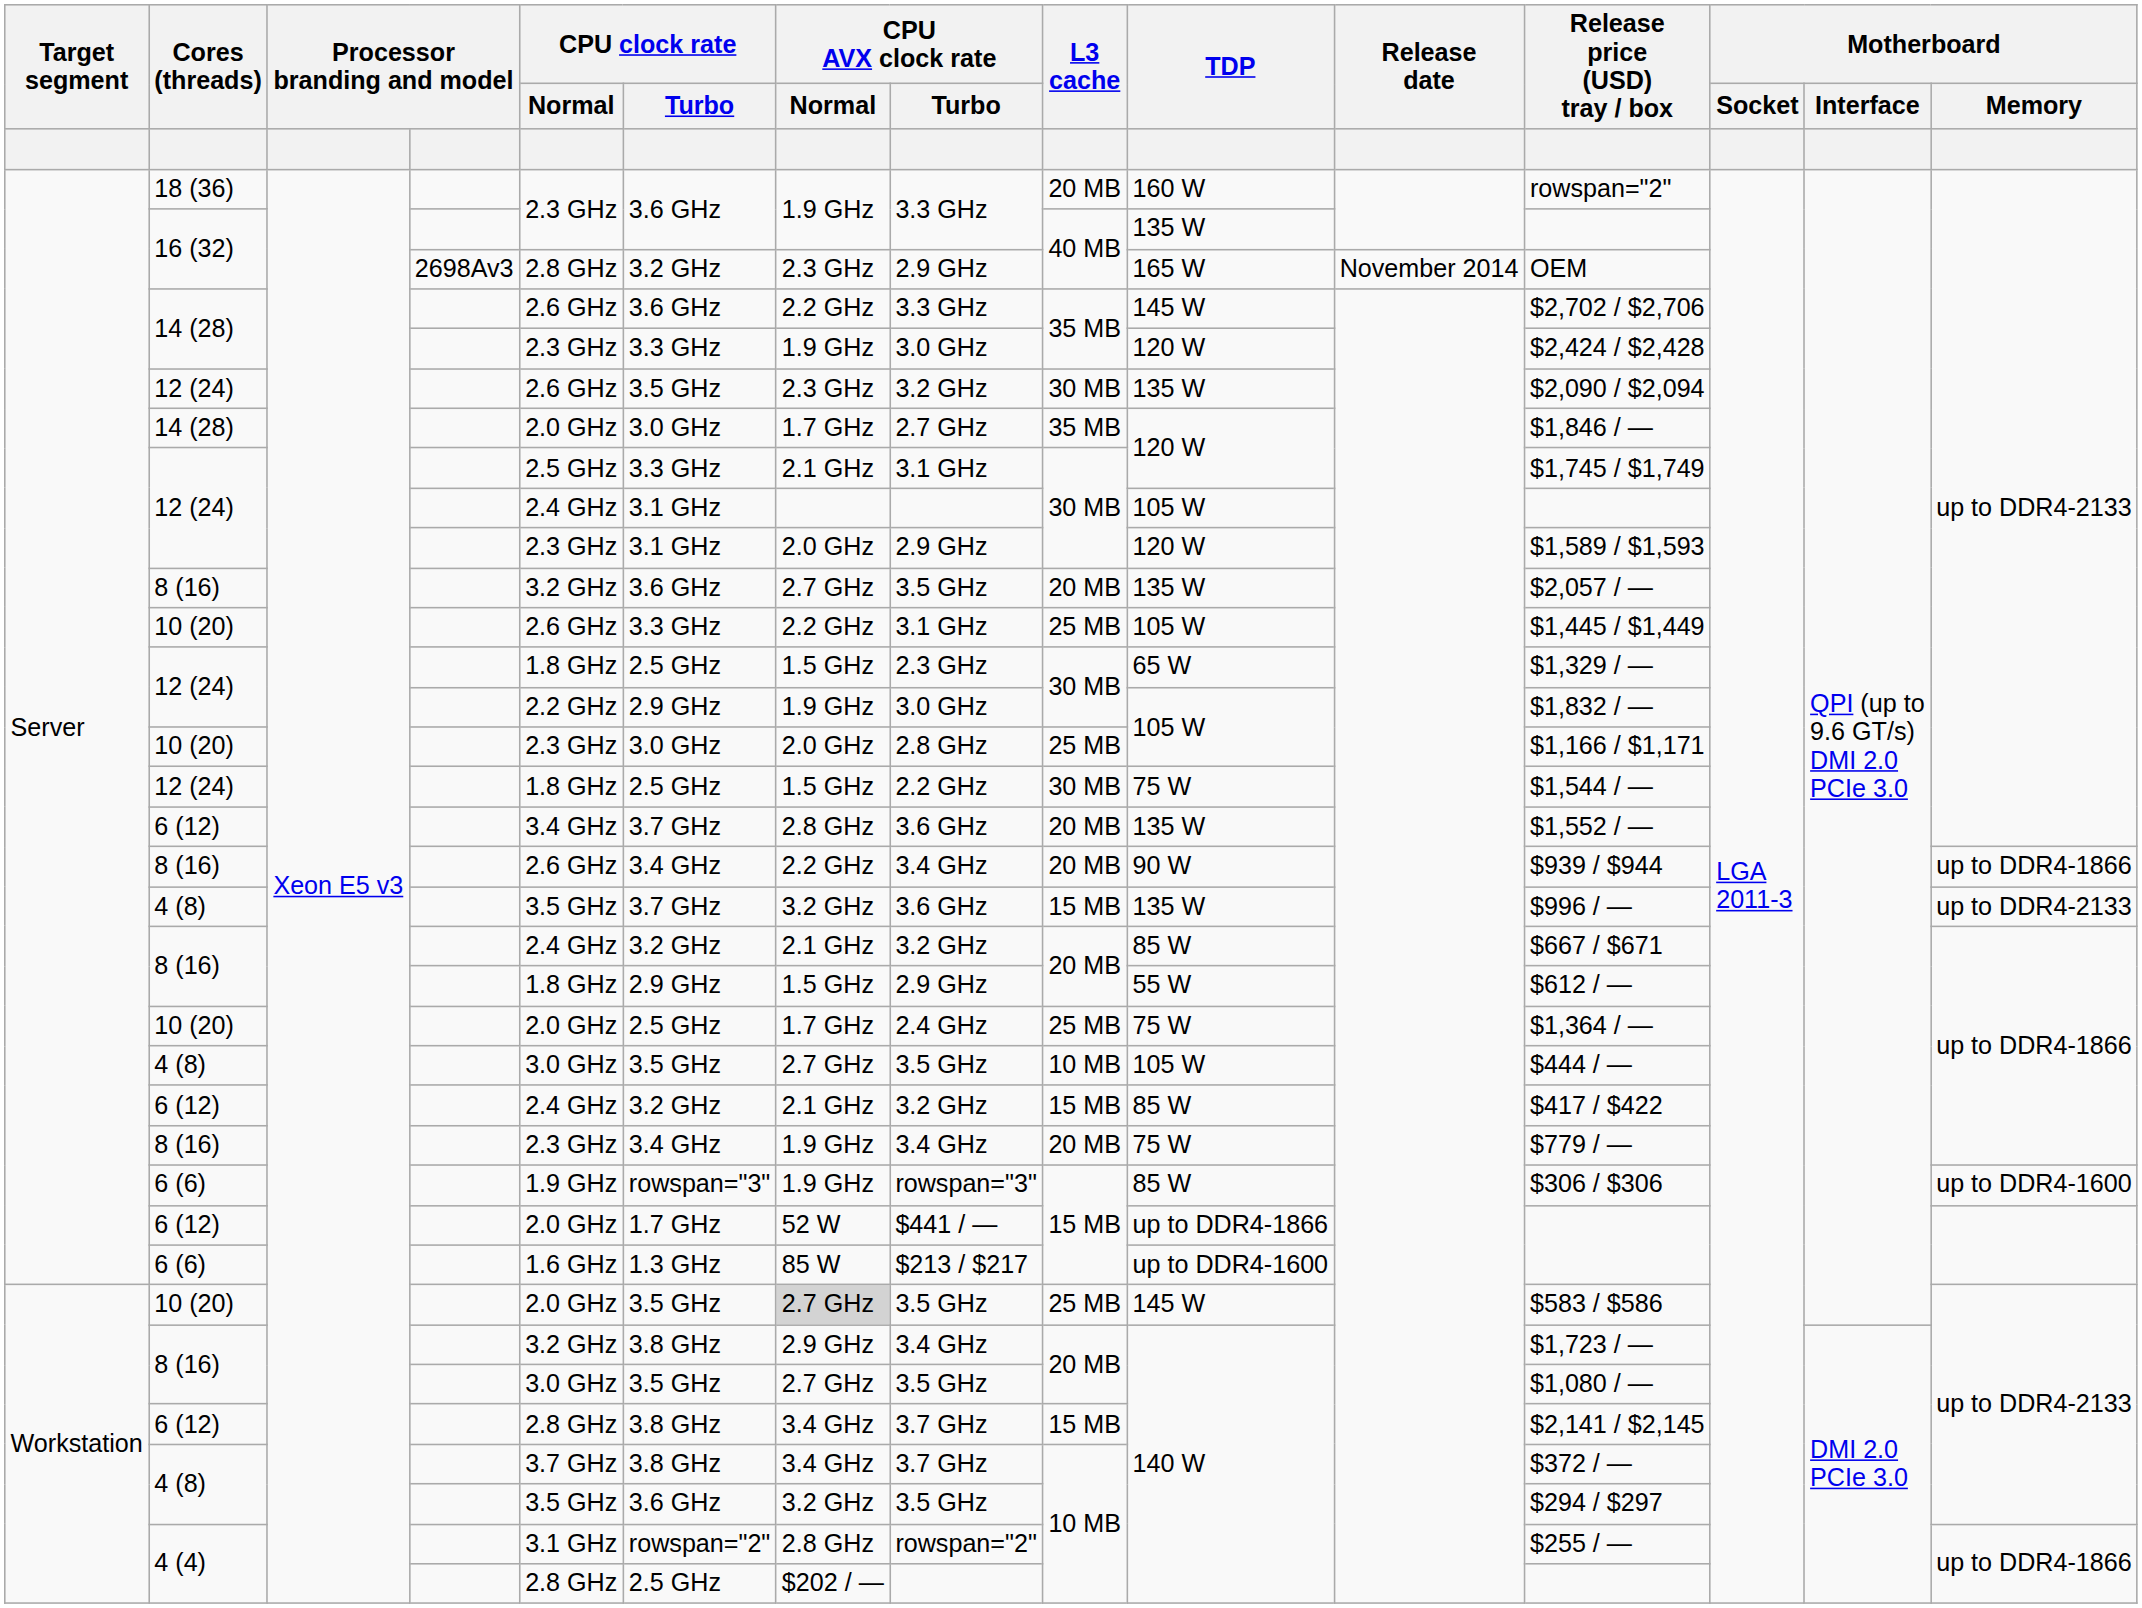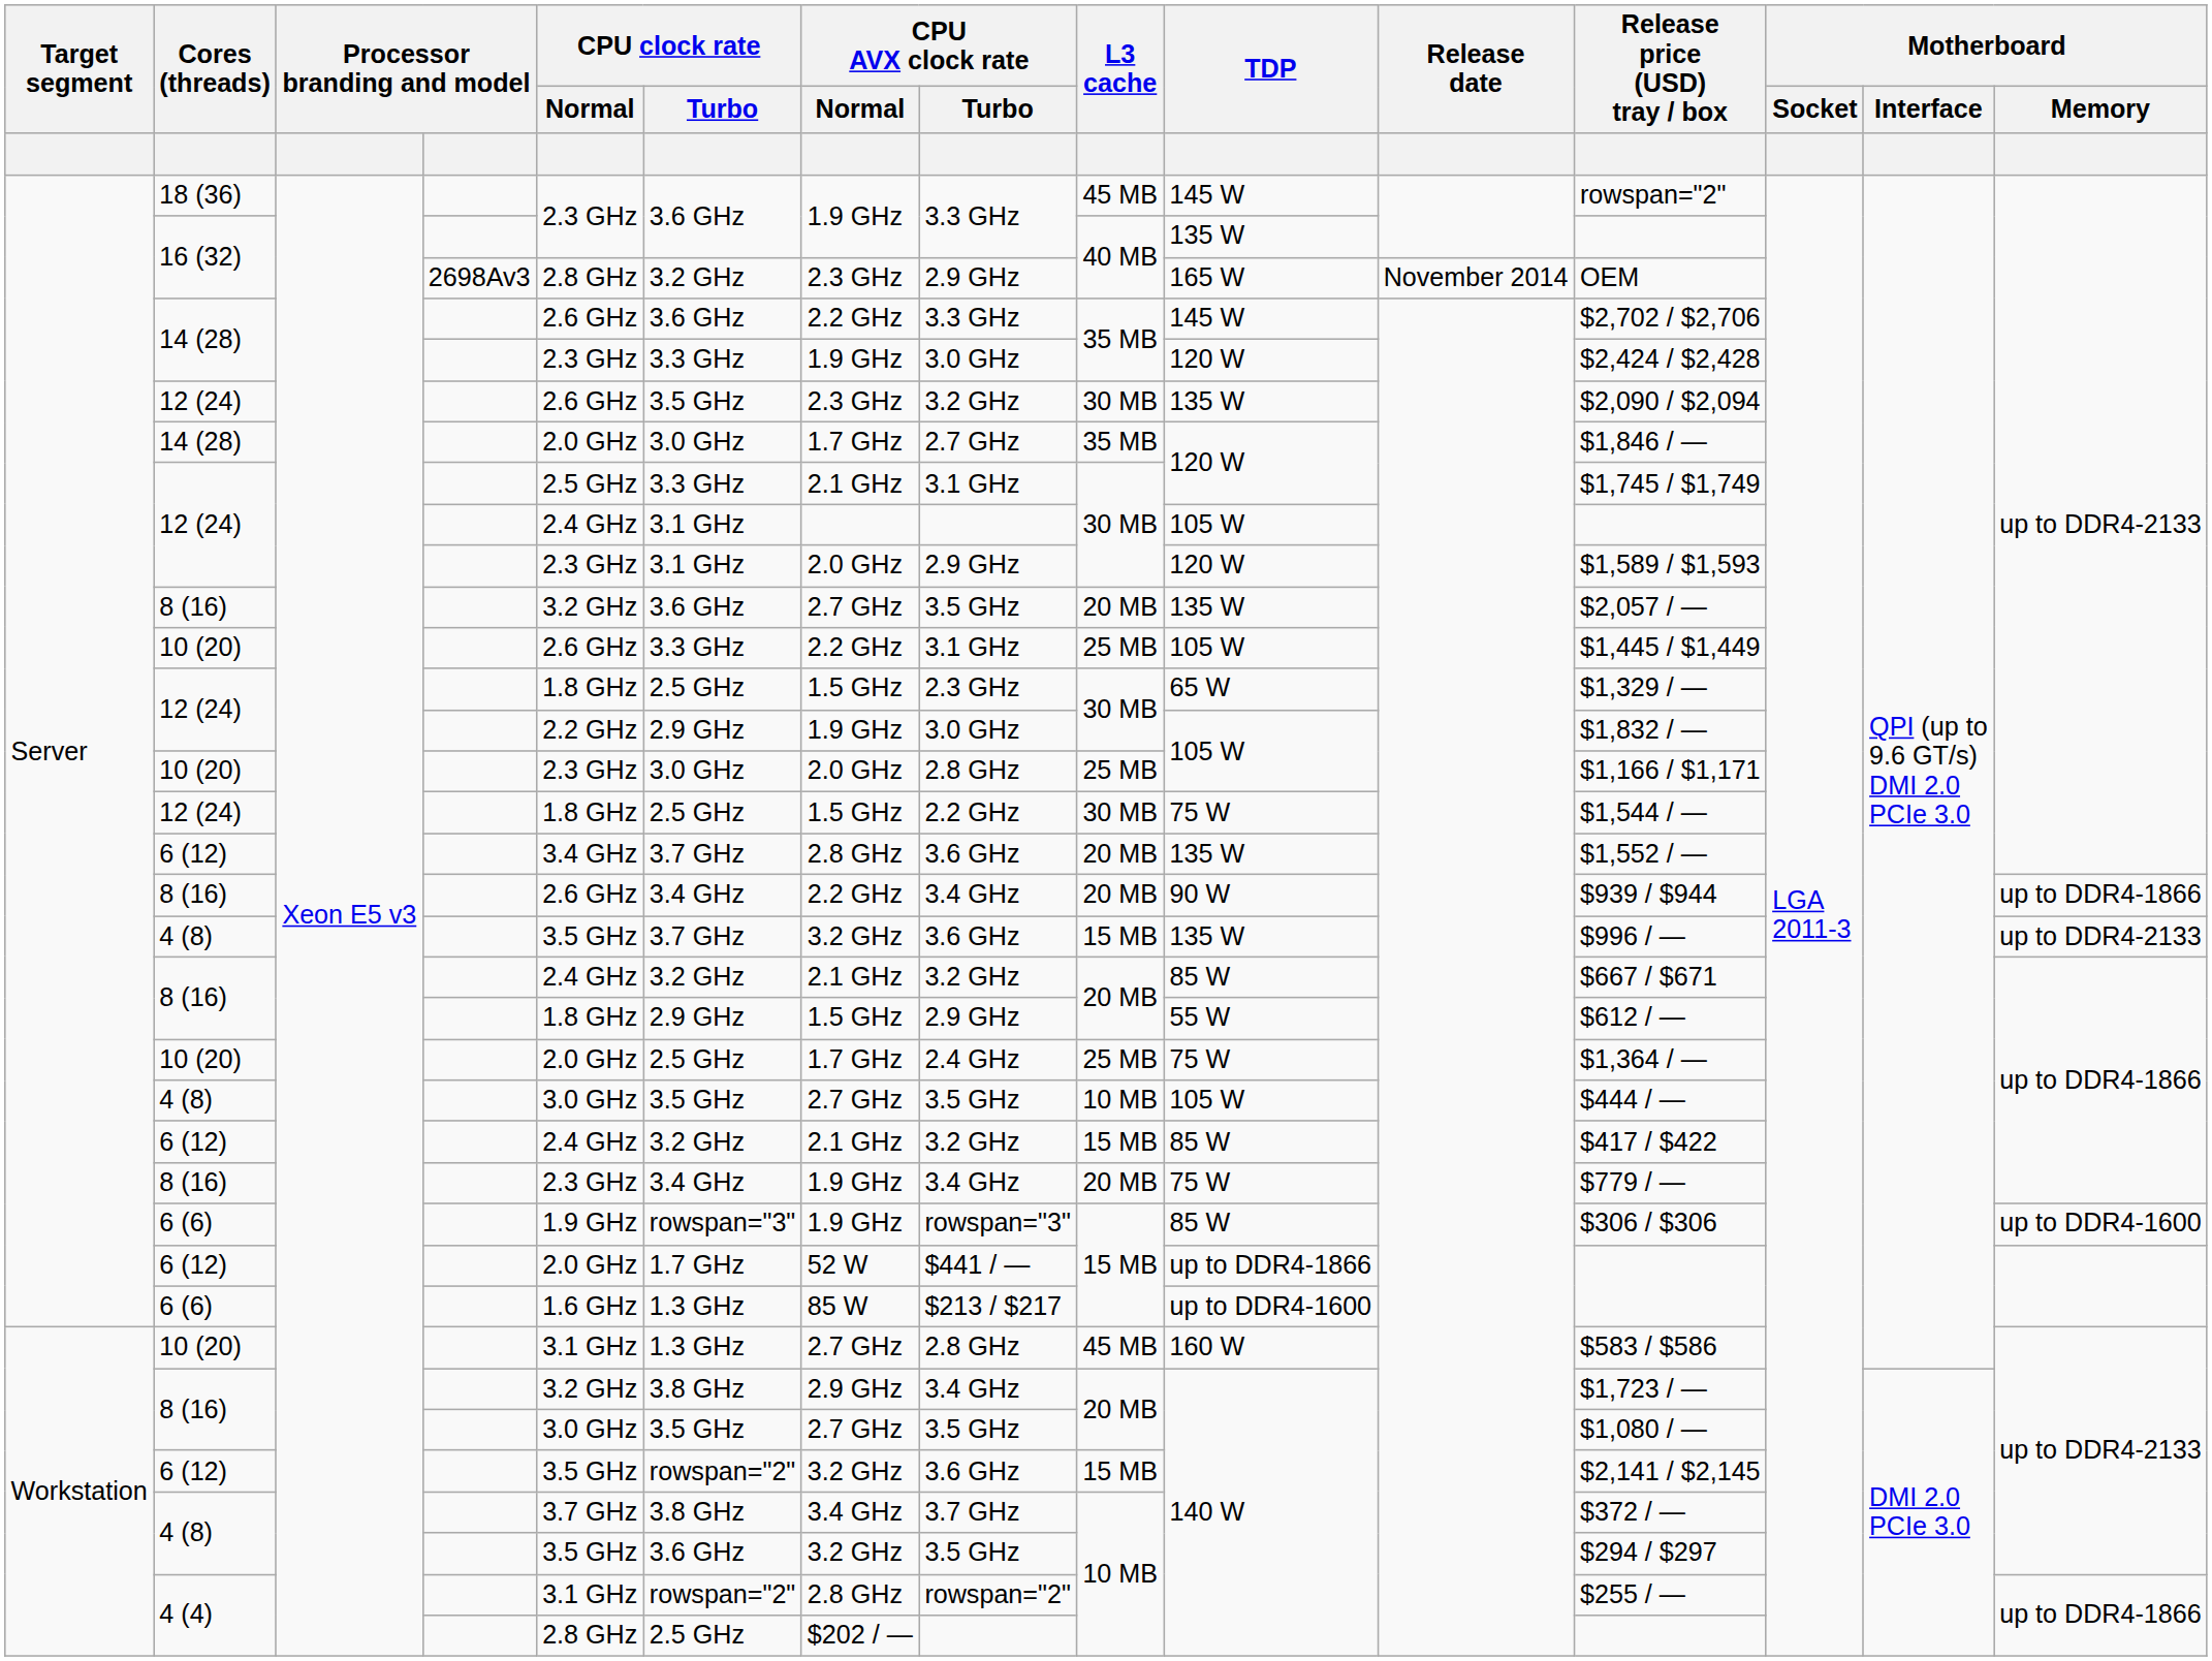 <table class="wikitable sortable hover-highlight">
 <tr>
 <th rowspan="2">Target<br>segment</th>
 <th rowspan="2">Cores<br>(threads)</th>
 <th colspan="2" rowspan="2">Processor<br>branding and model</th>
 <th colspan="2">CPU <a href='#'>clock rate</a></th>
 <th colspan="2">CPU<br><a href='#'>AVX</a> clock rate</th>
 <th rowspan="2" data-sort-type="number"><a href='#'>L3<br>cache</a></th>
 <th rowspan="2" data-sort-type="number"><a href='#'>TDP</a></th>
 <th rowspan="2" class="unsortable">Release<br>date</th>
 <th rowspan="2">Release<br>price<br>(USD)<br>tray / box</th>
 <th colspan="3">Motherboard</th>
 </tr>
 <tr>
 <th>Normal</th>
 <th data-sort-type="number"><a href='#'>Turbo</a></th>
 <th>Normal</th>
 <th data-sort-type="number">Turbo</th>
 <th>Socket</th>
 <th>Interface</th>
 <th>Memory</th>
 </tr>
 <tr>
 <th style="background-position:center"><br></th>
 <th style="background-position:center"></th>
 <th style="background-position:center"></th>
 <th style="background-position:center"></th>
 <th style="background-position:center"></th>
 <th style="background-position:center"></th>
 <th style="background-position:center"></th>
 <th style="background-position:center"></th>
 <th style="background-position:center"></th>
 <th style="background-position:center"></th>
 <th style="background-position:center"></th>
 <th style="background-position:center"></th>
 <th style="background-position:center"></th>
 <th style="background-position:center"></th>
 <th style="background-position:center"></th>
 </tr>
 <tr>
 <td rowspan="28">Server</td>
 <td>18 (36)</td>
 <td rowspan="36"><a href='#'>Xeon&nbsp;E5&nbsp;v3</a></td>
 <td></td>
 <td rowspan="2">2.3 GHz</td>
 <td rowspan="2">3.6 GHz</td>
 <td rowspan="2">1.9 GHz</td>
 <td rowspan="2">3.3 GHz</td>
-<td>20 MB</td>
-<td>160 W</td>
+<td>45 MB</td>
+<td>145 W</td>
 <td rowspan="2"></td>
 <td>rowspan="2" </td>
 <td rowspan="36"><a href='#'>LGA<br>2011-3</a></td>
 <td rowspan="29"><a href='#'>QPI</a> (up to<br>9.6 GT/s)<br><a href='#'>DMI 2.0</a><br><a href='#'>PCIe 3.0</a></td>
 <td rowspan="17">up to DDR4-2133</td>
 </tr>
 <tr>
 <td rowspan="2">16 (32)</td>
 <td></td>
 <td rowspan="2">40 MB</td>
 <td>135 W</td>
 </tr>
 <tr>
 <td>2698Av3</td>
 <td>2.8 GHz</td>
 <td>3.2 GHz</td>
 <td>2.3 GHz</td>
 <td>2.9 GHz</td>
 <td>165 W</td>
 <td>November 2014</td>
 <td>OEM</td>
 </tr>
 <tr>
 <td rowspan="2">14 (28)</td>
 <td></td>
 <td>2.6 GHz</td>
 <td>3.6 GHz</td>
 <td>2.2 GHz</td>
 <td>3.3 GHz</td>
 <td rowspan="2">35 MB</td>
 <td>145 W</td>
 <td rowspan="33"></td>
 <td>$2,702 / $2,706</td>
 </tr>
 <tr>
 <td></td>
 <td>2.3 GHz</td>
 <td>3.3 GHz</td>
 <td>1.9 GHz</td>
 <td>3.0 GHz</td>
 <td>120 W</td>
 <td>$2,424 / $2,428</td>
 </tr>
 <tr>
 <td>12 (24)</td>
 <td></td>
 <td>2.6 GHz</td>
 <td>3.5 GHz</td>
 <td>2.3 GHz</td>
 <td>3.2 GHz</td>
 <td>30 MB</td>
 <td>135 W</td>
 <td>$2,090 / $2,094</td>
 </tr>
 <tr>
 <td>14 (28)</td>
 <td></td>
 <td>2.0 GHz</td>
 <td>3.0 GHz</td>
 <td>1.7 GHz</td>
 <td>2.7 GHz</td>
 <td>35 MB</td>
 <td rowspan="2">120 W</td>
 <td>$1,846 / —</td>
 </tr>
 <tr>
 <td rowspan="3">12 (24)</td>
 <td></td>
 <td>2.5 GHz</td>
 <td>3.3 GHz</td>
 <td>2.1 GHz</td>
 <td>3.1 GHz</td>
 <td rowspan="3">30 MB</td>
 <td>$1,745 / $1,749</td>
 </tr>
 <tr>
 <td></td>
 <td>2.4 GHz</td>
 <td>3.1 GHz</td>
 <td></td>
 <td></td>
 <td>105 W</td>
 <td></td>
 </tr>
 <tr>
 <td></td>
 <td>2.3 GHz</td>
 <td>3.1 GHz</td>
 <td>2.0 GHz</td>
 <td>2.9 GHz</td>
 <td>120 W</td>
 <td>$1,589 / $1,593</td>
 </tr>
 <tr>
 <td>8 (16)</td>
 <td></td>
 <td>3.2 GHz</td>
 <td>3.6 GHz</td>
 <td>2.7 GHz</td>
 <td>3.5 GHz</td>
 <td>20 MB</td>
 <td>135 W</td>
 <td>$2,057 / —</td>
 </tr>
 <tr>
 <td>10 (20)</td>
 <td></td>
 <td>2.6 GHz</td>
 <td>3.3 GHz</td>
 <td>2.2 GHz</td>
 <td>3.1 GHz</td>
 <td>25 MB</td>
 <td>105 W</td>
 <td>$1,445 / $1,449</td>
 </tr>
 <tr>
 <td rowspan="2">12 (24)</td>
 <td></td>
 <td>1.8 GHz</td>
 <td>2.5 GHz</td>
 <td>1.5 GHz</td>
 <td>2.3 GHz</td>
 <td rowspan="2">30 MB</td>
 <td>65 W</td>
 <td>$1,329 / —</td>
 </tr>
 <tr>
 <td></td>
 <td>2.2 GHz</td>
 <td>2.9 GHz</td>
 <td>1.9 GHz</td>
 <td>3.0 GHz</td>
 <td rowspan="2">105 W</td>
 <td>$1,832 / —</td>
 </tr>
 <tr>
 <td>10 (20)</td>
 <td></td>
 <td>2.3 GHz</td>
 <td>3.0 GHz</td>
 <td>2.0 GHz</td>
 <td>2.8 GHz</td>
 <td>25 MB</td>
 <td>$1,166 / $1,171</td>
 </tr>
 <tr>
 <td>12 (24)</td>
 <td></td>
 <td>1.8 GHz</td>
 <td>2.5 GHz</td>
 <td>1.5 GHz</td>
 <td>2.2 GHz</td>
 <td>30 MB</td>
 <td>75 W</td>
 <td>$1,544 / —</td>
 </tr>
 <tr>
 <td>6 (12)</td>
 <td></td>
 <td>3.4 GHz</td>
 <td>3.7 GHz</td>
 <td>2.8 GHz</td>
 <td>3.6 GHz</td>
 <td>20 MB</td>
 <td>135 W</td>
 <td>$1,552 / —</td>
 </tr>
 <tr>
 <td>8 (16)</td>
 <td></td>
 <td>2.6 GHz</td>
 <td>3.4 GHz</td>
 <td>2.2 GHz</td>
 <td>3.4 GHz</td>
 <td>20 MB</td>
 <td>90 W</td>
 <td>$939 / $944</td>
 <td>up to DDR4-1866</td>
 </tr>
 <tr>
 <td>4 (8)</td>
 <td></td>
 <td>3.5 GHz</td>
 <td>3.7 GHz</td>
 <td>3.2 GHz</td>
 <td>3.6 GHz</td>
 <td>15 MB</td>
 <td>135 W</td>
 <td>$996 / —</td>
 <td>up to DDR4-2133</td>
 </tr>
 <tr>
 <td rowspan="2">8 (16)</td>
 <td></td>
 <td>2.4 GHz</td>
 <td>3.2 GHz</td>
 <td>2.1 GHz</td>
 <td>3.2 GHz</td>
 <td rowspan="2">20 MB</td>
 <td>85 W</td>
 <td>$667 / $671</td>
 <td rowspan="6">up to DDR4-1866</td>
 </tr>
 <tr>
 <td></td>
 <td>1.8 GHz</td>
 <td>2.9 GHz</td>
 <td>1.5 GHz</td>
 <td>2.9 GHz</td>
 <td>55 W</td>
 <td>$612 / —</td>
 </tr>
 <tr>
 <td>10 (20)</td>
 <td></td>
 <td>2.0 GHz</td>
 <td>2.5 GHz</td>
 <td>1.7 GHz</td>
 <td>2.4 GHz</td>
 <td>25 MB</td>
 <td>75 W</td>
 <td>$1,364 / —</td>
 </tr>
 <tr>
 <td>4 (8)</td>
 <td></td>
 <td>3.0 GHz</td>
 <td>3.5 GHz</td>
 <td>2.7 GHz</td>
 <td>3.5 GHz</td>
 <td>10 MB</td>
 <td>105 W</td>
 <td>$444 / —</td>
 </tr>
 <tr>
 <td>6 (12)</td>
 <td></td>
 <td>2.4 GHz</td>
 <td>3.2 GHz</td>
 <td>2.1 GHz</td>
 <td>3.2 GHz</td>
 <td>15 MB</td>
 <td>85 W</td>
 <td>$417 / $422</td>
 </tr>
 <tr>
 <td>8 (16)</td>
 <td></td>
 <td>2.3 GHz</td>
 <td>3.4 GHz</td>
 <td>1.9 GHz</td>
 <td>3.4 GHz</td>
 <td>20 MB</td>
 <td>75 W</td>
 <td>$779 / —</td>
 </tr>
 <tr>
 <td>6 (6)</td>
 <td></td>
 <td>1.9 GHz</td>
 <td>rowspan="3" </td>
 <td>1.9 GHz</td>
 <td>rowspan="3" </td>
 <td rowspan="3">15 MB</td>
 <td>85 W</td>
 <td>$306 / $306</td>
 <td>up to DDR4-1600</td>
 </tr>
 <tr>
 <td>6 (12)</td>
 <td></td>
 <td>2.0 GHz</td>
 <td>1.7 GHz</td>
 <td>52 W</td>
 <td>$441 / —</td>
 <td>up to DDR4-1866</td>
 </tr>
 <tr>
 <td>6 (6)</td>
 <td></td>
 <td>1.6 GHz</td>
 <td>1.3 GHz</td>
 <td>85 W</td>
 <td>$213 / $217</td>
 <td>up to DDR4-1600</td>
 </tr>
 <tr>
 <td rowspan="8">Workstation</td>
 <td>10 (20)</td>
 <td></td>
-<td>2.0 GHz</td>
-<td>3.5 GHz</td>
-<td style="background: lightgrey;">2.7 GHz</td>
-<td>3.5 GHz</td>
-<td>25 MB</td>
-<td>145 W</td>
+<td>3.1 GHz</td>
+<td>1.3 GHz</td>
+<td>2.7 GHz</td>
+<td>2.8 GHz</td>
+<td>45 MB</td>
+<td>160 W</td>
 <td>$583 / $586</td>
 <td rowspan="6">up to DDR4-2133</td>
 </tr>
 <tr>
 <td rowspan="2">8 (16)</td>
 <td></td>
 <td>3.2 GHz</td>
 <td>3.8 GHz</td>
 <td>2.9 GHz</td>
 <td>3.4 GHz</td>
 <td rowspan="2">20 MB</td>
 <td rowspan="7">140 W</td>
 <td>$1,723 / —</td>
 <td rowspan="7"><a href='#'>DMI 2.0</a><br><a href='#'>PCIe 3.0</a></td>
 </tr>
 <tr>
 <td></td>
 <td>3.0 GHz</td>
 <td>3.5 GHz</td>
 <td>2.7 GHz</td>
 <td>3.5 GHz</td>
 <td>$1,080 / —</td>
 </tr>
 <tr>
 <td>6 (12)</td>
 <td></td>
-<td>2.8 GHz</td>
-<td>3.8 GHz</td>
-<td>3.4 GHz</td>
-<td>3.7 GHz</td>
+<td>3.5 GHz</td>
+<td>rowspan="2" </td>
+<td>3.2 GHz</td>
+<td>3.6 GHz</td>
 <td>15 MB</td>
 <td>$2,141 / $2,145</td>
 </tr>
 <tr>
 <td rowspan="2">4 (8)</td>
 <td></td>
 <td>3.7 GHz</td>
 <td>3.8 GHz</td>
 <td>3.4 GHz</td>
 <td>3.7 GHz</td>
 <td rowspan="4">10 MB</td>
 <td>$372 / —</td>
 </tr>
 <tr>
 <td></td>
 <td>3.5 GHz</td>
 <td>3.6 GHz</td>
 <td>3.2 GHz</td>
 <td>3.5 GHz</td>
 <td>$294 / $297</td>
 </tr>
 <tr>
 <td rowspan="2">4 (4)</td>
 <td></td>
 <td>3.1 GHz</td>
 <td>rowspan="2" </td>
 <td>2.8 GHz</td>
 <td>rowspan="2" </td>
 <td>$255 / —</td>
 <td rowspan="2">up to DDR4-1866</td>
 </tr>
 <tr>
 <td></td>
 <td>2.8 GHz</td>
 <td>2.5 GHz</td>
 <td>$202 / —</td>
 </tr>
 </table>
